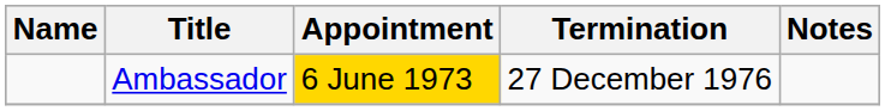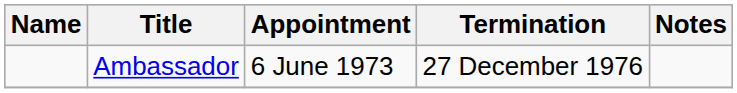 <table class="wikitable">
 <tr valign="middle">
 <th>Name</th>
 <th>Title</th>
 <th>Appointment</th>
 <th>Termination</th>
 <th>Notes</th>
 </tr>
 <tr>
 <td></td>
 <td><a href='#'>Ambassador</a></td>
-<td style="background: gold;">6 June 1973</td>
+<td>6 June 1973</td>
 <td>27 December 1976</td>
 <td></td>
 </tr>
 <tr>
 </tr>
 </table>
